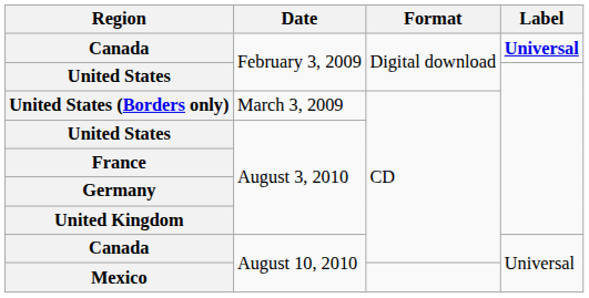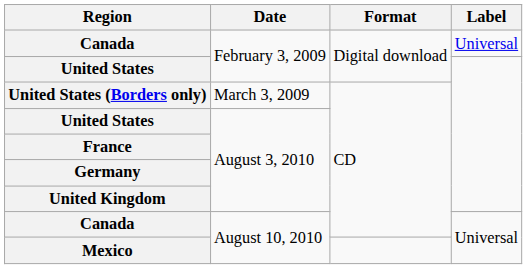 <table class="wikitable plainrowheaders">
 <tr>
 <th scope="col">Region</th>
 <th scope="col">Date</th>
 <th scope="col">Format</th>
 <th scope="col">Label</th>
 </tr>
 <tr>
 <th scope="row">Canada</th>
 <td rowspan=2>February 3, 2009</td>
 <td rowspan=2>Digital download</td>
-<td><strong><a href='#'>Universal</a></strong></td>
+<td><a href='#'>Universal</a></td>
 </tr>
 <tr>
 <th scope="row">United States</th>
 <td rowspan=6></td>
 </tr>
 <tr>
 <th scope="row">United States (<a href='#'>Borders</a> only)</th>
 <td>March 3, 2009</td>
 <td rowspan=6>CD</td>
 </tr>
 <tr>
 <th scope="row">United States</th>
 <td rowspan=4>August 3, 2010</td>
 </tr>
 <tr>
 <th scope="row">France</th>
 </tr>
 <tr>
 <th scope="row">Germany</th>
 </tr>
 <tr>
 <th scope="row">United Kingdom</th>
 </tr>
 <tr>
 <th scope="row">Canada</th>
 <td rowspan=2>August 10, 2010</td>
 <td rowspan=2>Universal</td>
 </tr>
 <tr>
 <th scope="row">Mexico</th>
 <td></td>
 </tr>
 </table>
